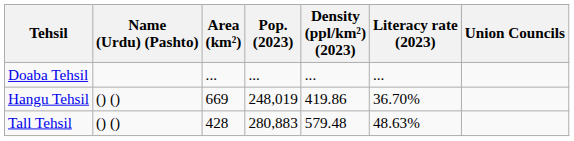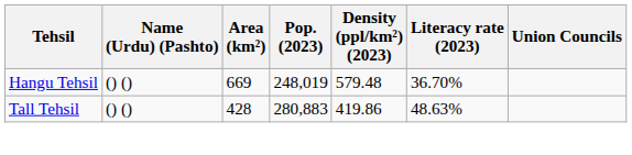 <table class="wikitable sortable static-row-numbers static-row-header-hash">
 <tr>
 <th>Tehsil</th>
 <th>Name<br>(Urdu) (Pashto)</th>
 <th>Area<br>(km²)</th>
 <th>Pop.<br>(2023)</th>
 <th>Density<br>(ppl/km²)<br>(2023)</th>
 <th>Literacy rate<br>(2023)</th>
 <th>Union Councils</th>
 </tr>
 <tr>
-<td><a href='#'>Doaba Tehsil</a></td>
-<td></td>
-<td>...</td>
-<td>...</td>
-<td>...</td>
-<td>...</td>
-<td></td>
-</tr>
-<tr>
 <td><a href='#'>Hangu Tehsil</a></td>
 <td>() ()</td>
 <td>669</td>
 <td>248,019</td>
-<td>419.86</td>
+<td>579.48</td>
 <td>36.70%</td>
 <td></td>
 </tr>
 <tr>
 <td><a href='#'>Tall Tehsil</a></td>
 <td>() ()</td>
 <td>428</td>
 <td>280,883</td>
-<td>579.48</td>
+<td>419.86</td>
 <td>48.63%</td>
 <td></td>
 </tr>
 </table>
